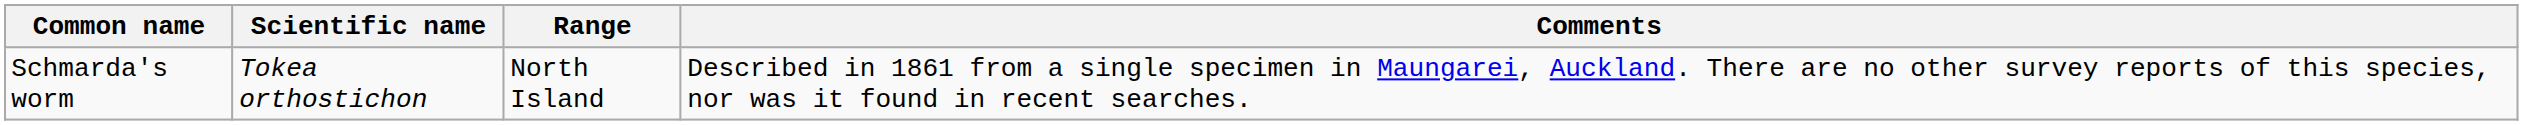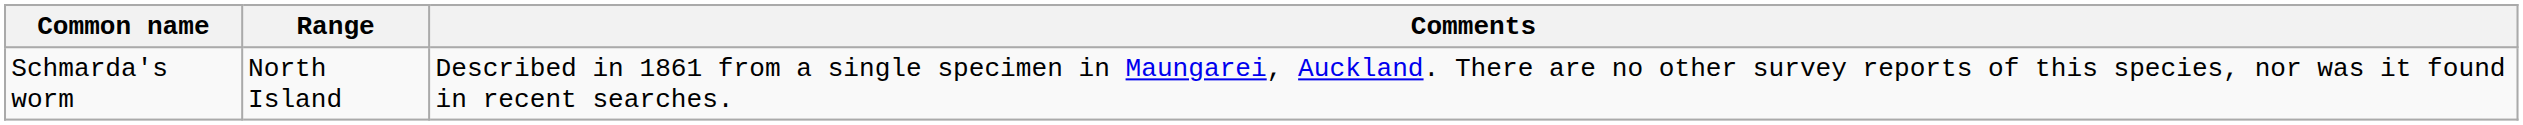 <table class="wikitable">
 <tr>
 <th>Common name</th>
-<th>Scientific name</th>
 <th>Range</th>
 <th class="unsortable">Comments</th>
 </tr>
 <tr>
 <td>Schmarda's worm</td>
-<td><em>Tokea orthostichon</em></td>
 <td>North Island</td>
 <td>Described in 1861 from a single specimen in <a href='#'>Maungarei</a>, <a href='#'>Auckland</a>. There are no other survey reports of this species, nor was it found in recent searches.</td>
 </tr>
 </table>
